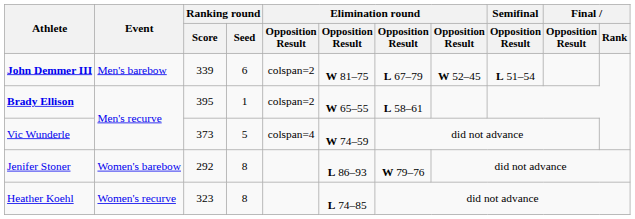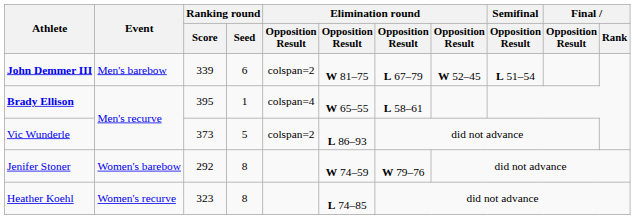 <table class=wikitable style=font-size:90%;text-align:center>
 <tr>
 <th rowspan=2>Athlete</th>
 <th rowspan=2>Event</th>
 <th colspan=2>Ranking round</th>
 <th colspan=4>Elimination round</th>
 <th>Semifinal</th>
 <th colspan=2>Final / </th>
 </tr>
 <tr style=font-size:95%>
 <th>Score</th>
 <th>Seed</th>
 <th>Opposition<br>Result</th>
 <th>Opposition<br>Result</th>
 <th>Opposition<br>Result</th>
 <th>Opposition<br>Result</th>
 <th>Opposition<br>Result</th>
 <th>Opposition<br>Result</th>
 <th>Rank</th>
 </tr>
 <tr>
 <td align=left><strong><a href='#'>John Demmer III</a></strong></td>
 <td align=left><a href='#'>Men's barebow</a></td>
 <td>339</td>
 <td>6</td>
 <td>colspan=2 </td>
 <td><br><strong>W</strong> 81–75</td>
 <td><br><strong>L</strong> 67–79</td>
 <td><br><strong>W</strong> 52–45</td>
 <td><br><strong>L</strong> 51–54</td>
 <td></td>
 </tr>
 <tr>
 <td align=left><strong><a href='#'>Brady Ellison</a></strong></td>
 <td align=left rowspan=2><a href='#'>Men's recurve</a></td>
 <td>395</td>
 <td>1</td>
-<td>colspan=2 </td>
+<td>colspan=4 </td>
 <td><br><strong>W</strong> 65–55</td>
 <td><br><strong>L</strong> 58–61</td>
 <td></td>
 </tr>
 <tr>
 <td align=left><a href='#'>Vic Wunderle</a></td>
 <td>373</td>
 <td>5</td>
-<td>colspan=4 </td>
-<td><br><strong>W</strong> 74–59</td>
+<td>colspan=2 </td>
+<td><br><strong>L</strong> 86–93</td>
 <td colspan=4>did not advance</td>
 </tr>
 <tr>
 <td align=left><a href='#'>Jenifer Stoner</a></td>
 <td align=left><a href='#'>Women's barebow</a></td>
 <td>292</td>
 <td>8</td>
 <td></td>
-<td><br><strong>L</strong> 86–93</td>
+<td><br><strong>W</strong> 74–59</td>
 <td><br><strong>W</strong> 79–76</td>
 <td colspan=4>did not advance</td>
 </tr>
 <tr>
 <td align=left><a href='#'>Heather Koehl</a></td>
 <td align=left><a href='#'>Women's recurve</a></td>
 <td>323</td>
 <td>8</td>
 <td></td>
 <td><br><strong>L</strong> 74–85</td>
 <td colspan=5>did not advance</td>
 </tr>
 </table>
